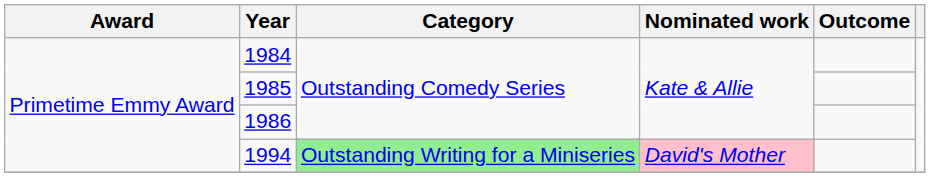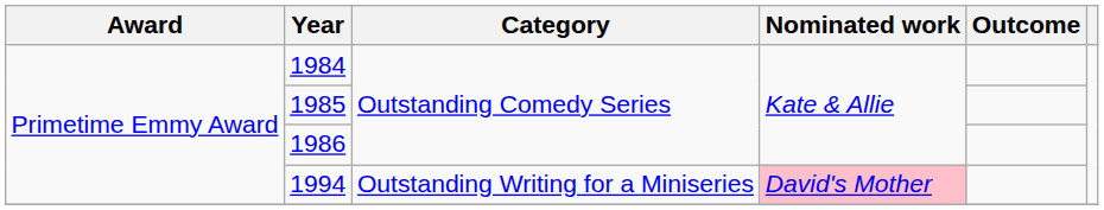 <table class="wikitable sortable plainrowheaders">
 <tr>
 <th scope="col">Award</th>
 <th scope="col">Year</th>
 <th scope="col">Category</th>
 <th scope="col">Nominated work</th>
 <th scope="col">Outcome</th>
 <th scope="col" class="unsortable"></th>
 </tr>
 <tr>
 <td rowspan="4"><a href='#'>Primetime Emmy Award</a></td>
 <td><a href='#'>1984</a></td>
 <td rowspan="3"><a href='#'>Outstanding Comedy Series</a></td>
 <td rowspan="3"><em><a href='#'>Kate & Allie</a></em></td>
 <td></td>
 <td rowspan="4" style="text-align:center;"></td>
 </tr>
 <tr>
 <td><a href='#'>1985</a></td>
 <td></td>
 </tr>
 <tr>
 <td><a href='#'>1986</a></td>
 <td></td>
 </tr>
 <tr>
 <td><a href='#'>1994</a></td>
-<td style="background: lightgreen;"><a href='#'>Outstanding Writing for a Miniseries</a></td>
+<td><a href='#'>Outstanding Writing for a Miniseries</a></td>
 <td style="background: pink;"><em><a href='#'>David's Mother</a></em></td>
 <td></td>
 </tr>
 <tr>
 </tr>
 </table>
